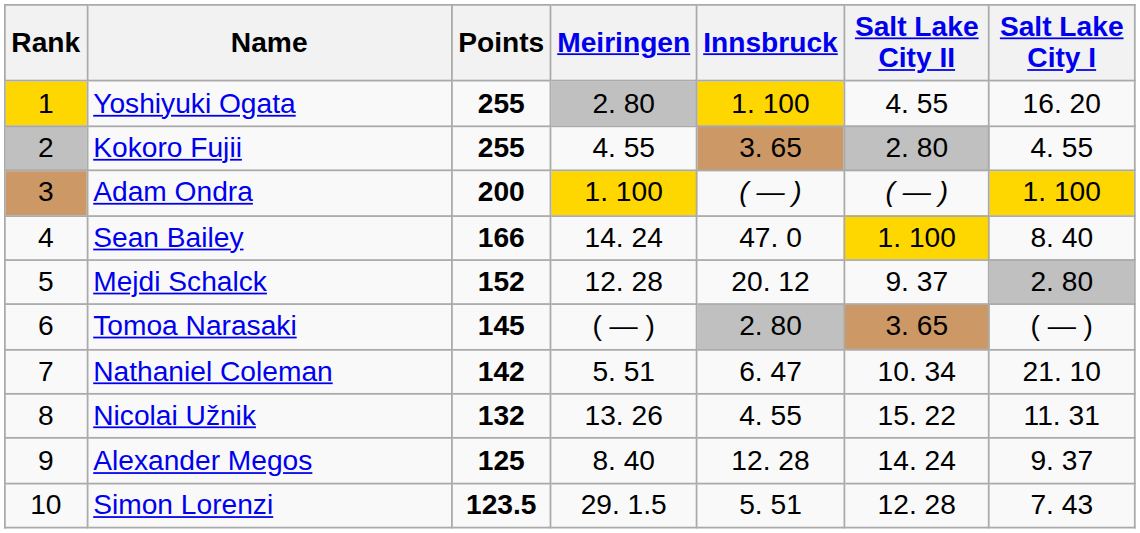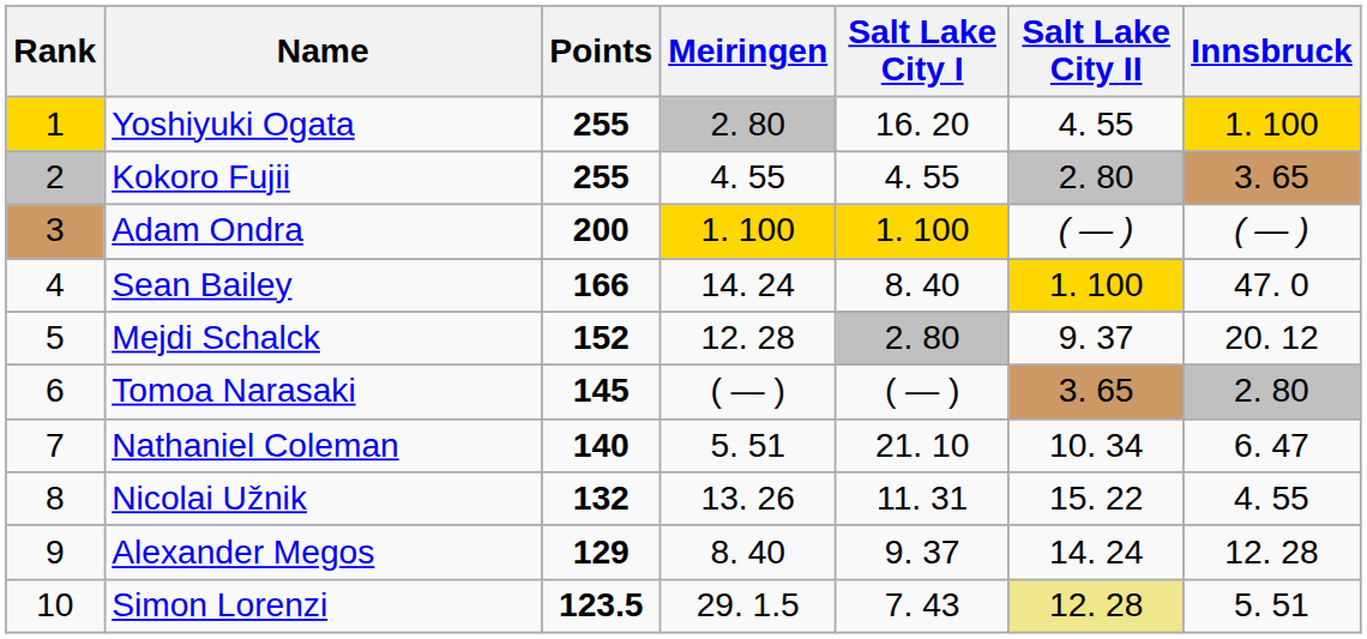 <table class="wikitable sortable">
 <tr>
 <th>Rank</th>
 <th width = "200">Name</th>
 <th>Points</th>
 <th width = "75" data-sort-type="number"><a href='#'>Meiringen</a></th>
+<th width = "75" data-sort-type="number"><a href='#'>Salt Lake City I</a></th>
+<th width = "75" data-sort-type="number"><a href='#'>Salt Lake City II</a></th>
 <th width = "75" data-sort-type="number"><a href='#'>Innsbruck</a></th>
-<th width = "75" data-sort-type="number"><a href='#'>Salt Lake City II</a></th>
-<th width = "75" data-sort-type="number"><a href='#'>Salt Lake City I</a></th>
 </tr>
 <tr>
 <td align="center" style="background: gold">1</td>
 <td> <a href='#'>Yoshiyuki Ogata</a></td>
 <td align="center"><strong>255</strong></td>
 <td align="center" style="background: silver">2. 80</td>
+<td align="center">16. 20</td>
+<td align="center">4. 55</td>
 <td align="center" style="background: gold">1. 100</td>
-<td align="center">4. 55</td>
-<td align="center">16. 20</td>
 </tr>
 <tr>
 <td align="center" style="background: silver">2</td>
 <td> <a href='#'>Kokoro Fujii</a></td>
 <td align="center"><strong>255</strong></td>
 <td align="center">4. 55</td>
+<td align="center">4. 55</td>
+<td align="center" style="background: silver">2. 80</td>
 <td align="center" style="background: #cc9966">3. 65</td>
-<td align="center" style="background: silver">2. 80</td>
-<td align="center">4. 55</td>
 </tr>
 <tr>
 <td align="center" style="background: #cc9966">3</td>
 <td> <a href='#'>Adam Ondra</a></td>
 <td align="center"><strong>200</strong></td>
 <td align="center" style="background: gold">1. 100</td>
+<td align="center" style="background: gold">1. 100</td>
 <td align="center"><em>( — )</em></td>
 <td align="center"><em>( — )</em></td>
-<td align="center" style="background: gold">1. 100</td>
 </tr>
 <tr>
 <td align="center">4</td>
 <td> <a href='#'>Sean Bailey</a></td>
 <td align="center"><strong>166</strong></td>
 <td align="center">14. 24</td>
+<td align="center">8. 40</td>
+<td align="center" style="background: gold">1. 100</td>
 <td align="center">47. 0</td>
-<td align="center" style="background: gold">1. 100</td>
-<td align="center">8. 40</td>
 </tr>
 <tr>
 <td align="center">5</td>
 <td> <a href='#'>Mejdi Schalck</a></td>
 <td align="center"><strong>152</strong></td>
 <td align="center">12. 28</td>
+<td align="center" style="background: silver">2. 80</td>
+<td align="center">9. 37</td>
 <td align="center">20. 12</td>
-<td align="center">9. 37</td>
-<td align="center" style="background: silver">2. 80</td>
 </tr>
 <tr>
 <td align="center">6</td>
 <td> <a href='#'>Tomoa Narasaki</a></td>
 <td align="center"><strong>145</strong></td>
 <td align="center">( — )</td>
+<td align="center">( — )</td>
+<td align="center" style="background: #cc9966">3. 65</td>
 <td align="center" style="background: silver">2. 80</td>
-<td align="center" style="background: #cc9966">3. 65</td>
-<td align="center">( — )</td>
 </tr>
 <tr>
 <td align="center">7</td>
 <td> <a href='#'>Nathaniel Coleman</a></td>
-<td align="center"><strong>142</strong></td>
+<td align="center"><strong>140</strong></td>
 <td align="center">5. 51</td>
+<td align="center">21. 10</td>
+<td align="center">10. 34</td>
 <td align="center">6. 47</td>
-<td align="center">10. 34</td>
-<td align="center">21. 10</td>
 </tr>
 <tr>
 <td align="center">8</td>
 <td> <a href='#'>Nicolai Užnik</a></td>
 <td align="center"><strong>132</strong></td>
 <td align="center">13. 26</td>
+<td align="center">11. 31</td>
+<td align="center">15. 22</td>
 <td align="center">4. 55</td>
-<td align="center">15. 22</td>
-<td align="center">11. 31</td>
 </tr>
 <tr>
 <td align="center">9</td>
 <td> <a href='#'>Alexander Megos</a></td>
-<td align="center"><strong>125</strong></td>
+<td align="center"><strong>129</strong></td>
 <td align="center">8. 40</td>
+<td align="center">9. 37</td>
+<td align="center">14. 24</td>
 <td align="center">12. 28</td>
-<td align="center">14. 24</td>
-<td align="center">9. 37</td>
 </tr>
 <tr>
 <td align="center">10</td>
 <td> <a href='#'>Simon Lorenzi</a></td>
 <td align="center"><strong>123.5</strong></td>
 <td align="center">29. 1.5</td>
+<td align="center">7. 43</td>
+<td align="center" style="background: khaki;">12. 28</td>
 <td align="center">5. 51</td>
-<td align="center">12. 28</td>
-<td align="center">7. 43</td>
 </tr>
 </table>
